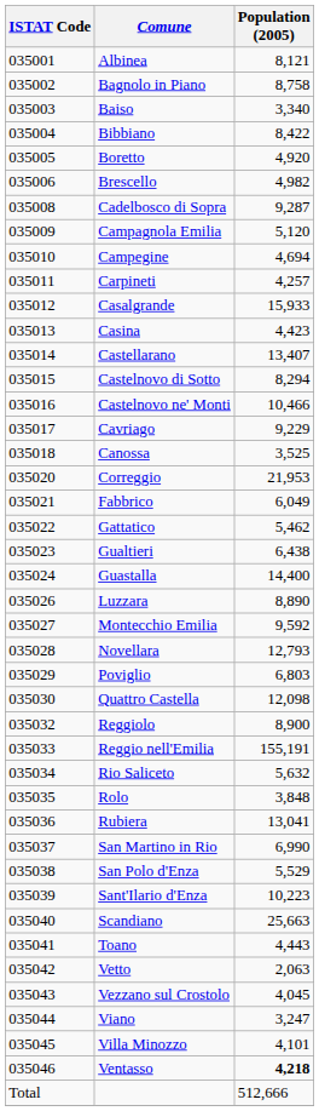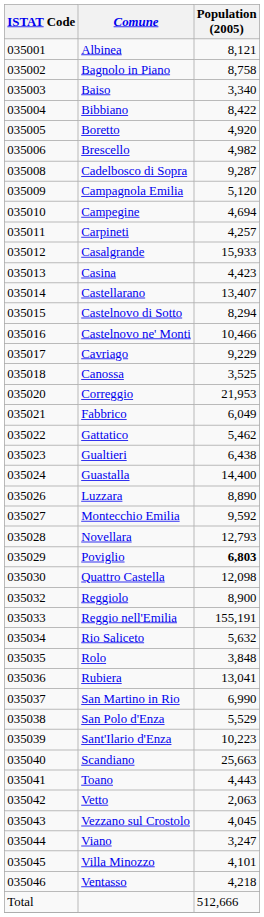 <table class="wikitable sortable">
 <tr>
 <th><a href='#'>ISTAT</a> Code</th>
 <th><em><a href='#'>Comune</a></em></th>
 <th>Population <br>(2005)</th>
 </tr>
 <tr>
 <td>035001</td>
 <td><a href='#'>Albinea</a></td>
 <td align="right">8,121</td>
 </tr>
 <tr>
 <td>035002</td>
 <td><a href='#'>Bagnolo in Piano</a></td>
 <td align="right">8,758</td>
 </tr>
 <tr>
 <td>035003</td>
 <td><a href='#'>Baiso</a></td>
 <td align="right">3,340</td>
 </tr>
 <tr>
 <td>035004</td>
 <td><a href='#'>Bibbiano</a></td>
 <td align="right">8,422</td>
 </tr>
 <tr>
 <td>035005</td>
 <td><a href='#'>Boretto</a></td>
 <td align="right">4,920</td>
 </tr>
 <tr>
 <td>035006</td>
 <td><a href='#'>Brescello</a></td>
 <td align="right">4,982</td>
 </tr>
 <tr>
 <td>035008</td>
 <td><a href='#'>Cadelbosco di Sopra</a></td>
 <td align="right">9,287</td>
 </tr>
 <tr>
 <td>035009</td>
 <td><a href='#'>Campagnola Emilia</a></td>
 <td align="right">5,120</td>
 </tr>
 <tr>
 <td>035010</td>
 <td><a href='#'>Campegine</a></td>
 <td align="right">4,694</td>
 </tr>
 <tr>
 <td>035011</td>
 <td><a href='#'>Carpineti</a></td>
 <td align="right">4,257</td>
 </tr>
 <tr>
 <td>035012</td>
 <td><a href='#'>Casalgrande</a></td>
 <td align="right">15,933</td>
 </tr>
 <tr>
 <td>035013</td>
 <td><a href='#'>Casina</a></td>
 <td align="right">4,423</td>
 </tr>
 <tr>
 <td>035014</td>
 <td><a href='#'>Castellarano</a></td>
 <td align="right">13,407</td>
 </tr>
 <tr>
 <td>035015</td>
 <td><a href='#'>Castelnovo di Sotto</a></td>
 <td align="right">8,294</td>
 </tr>
 <tr>
 <td>035016</td>
 <td><a href='#'>Castelnovo ne' Monti</a></td>
 <td align="right">10,466</td>
 </tr>
 <tr>
 <td>035017</td>
 <td><a href='#'>Cavriago</a></td>
 <td align="right">9,229</td>
 </tr>
 <tr>
 <td>035018</td>
 <td><a href='#'>Canossa</a></td>
 <td align="right">3,525</td>
 </tr>
 <tr>
 <td>035020</td>
 <td><a href='#'>Correggio</a></td>
 <td align="right">21,953</td>
 </tr>
 <tr>
 <td>035021</td>
 <td><a href='#'>Fabbrico</a></td>
 <td align="right">6,049</td>
 </tr>
 <tr>
 <td>035022</td>
 <td><a href='#'>Gattatico</a></td>
 <td align="right">5,462</td>
 </tr>
 <tr>
 <td>035023</td>
 <td><a href='#'>Gualtieri</a></td>
 <td align="right">6,438</td>
 </tr>
 <tr>
 <td>035024</td>
 <td><a href='#'>Guastalla</a></td>
 <td align="right">14,400</td>
 </tr>
 <tr>
 <td>035026</td>
 <td><a href='#'>Luzzara</a></td>
 <td align="right">8,890</td>
 </tr>
 <tr>
 <td>035027</td>
 <td><a href='#'>Montecchio Emilia</a></td>
 <td align="right">9,592</td>
 </tr>
 <tr>
 <td>035028</td>
 <td><a href='#'>Novellara</a></td>
 <td align="right">12,793</td>
 </tr>
 <tr>
 <td>035029</td>
 <td><a href='#'>Poviglio</a></td>
-<td align="right">6,803</td>
+<td align="right"><strong>6,803</strong></td>
 </tr>
 <tr>
 <td>035030</td>
 <td><a href='#'>Quattro Castella</a></td>
 <td align="right">12,098</td>
 </tr>
 <tr>
 <td>035032</td>
 <td><a href='#'>Reggiolo</a></td>
 <td align="right">8,900</td>
 </tr>
 <tr>
 <td>035033</td>
 <td><a href='#'>Reggio nell'Emilia</a></td>
 <td align="right">155,191</td>
 </tr>
 <tr>
 <td>035034</td>
 <td><a href='#'>Rio Saliceto</a></td>
 <td align="right">5,632</td>
 </tr>
 <tr>
 <td>035035</td>
 <td><a href='#'>Rolo</a></td>
 <td align="right">3,848</td>
 </tr>
 <tr>
 <td>035036</td>
 <td><a href='#'>Rubiera</a></td>
 <td align="right">13,041</td>
 </tr>
 <tr>
 <td>035037</td>
 <td><a href='#'>San Martino in Rio</a></td>
 <td align="right">6,990</td>
 </tr>
 <tr>
 <td>035038</td>
 <td><a href='#'>San Polo d'Enza</a></td>
 <td align="right">5,529</td>
 </tr>
 <tr>
 <td>035039</td>
 <td><a href='#'>Sant'Ilario d'Enza</a></td>
 <td align="right">10,223</td>
 </tr>
 <tr>
 <td>035040</td>
 <td><a href='#'>Scandiano</a></td>
 <td align="right">25,663</td>
 </tr>
 <tr>
 <td>035041</td>
 <td><a href='#'>Toano</a></td>
 <td align="right">4,443</td>
 </tr>
 <tr>
 <td>035042</td>
 <td><a href='#'>Vetto</a></td>
 <td align="right">2,063</td>
 </tr>
 <tr>
 <td>035043</td>
 <td><a href='#'>Vezzano sul Crostolo</a></td>
 <td align="right">4,045</td>
 </tr>
 <tr>
 <td>035044</td>
 <td><a href='#'>Viano</a></td>
 <td align="right">3,247</td>
 </tr>
 <tr>
 <td>035045</td>
 <td><a href='#'>Villa Minozzo</a></td>
 <td align="right">4,101</td>
 </tr>
 <tr>
 <td>035046</td>
 <td><a href='#'>Ventasso</a></td>
-<td align="right"><strong>4,218</strong></td>
+<td align="right">4,218</td>
 </tr>
 <tr>
 <td>Total</td>
 <td align="right"></td>
 <td>512,666</td>
 </tr>
 <tr>
 </tr>
 </table>
